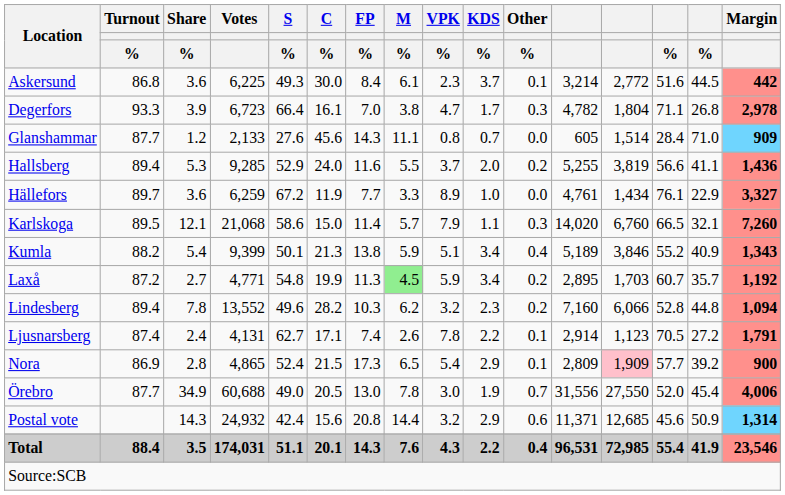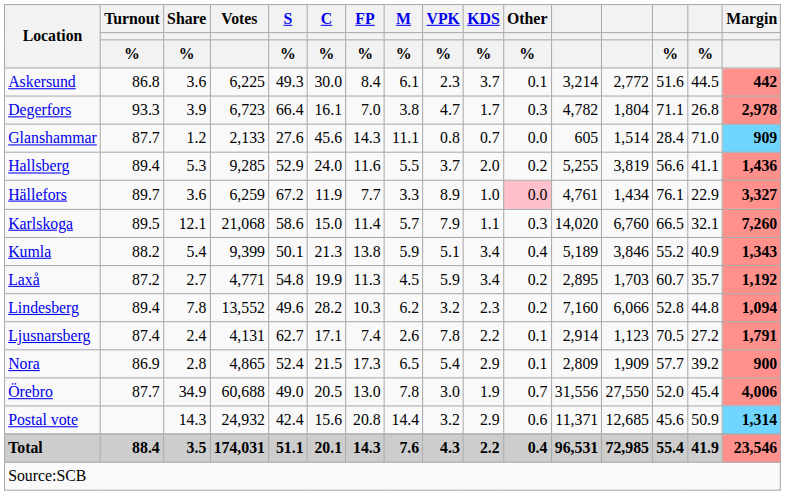 <table class="wikitable sortable" style="text-align:right; font-size:95%; line-height:20px;">
 <tr>
 <th rowspan="3">Location</th>
 <th>Turnout</th>
 <th>Share</th>
 <th>Votes</th>
 <th width="30px" class="unsortable"><a href='#'>S</a></th>
 <th width="30px" class="unsortable"><a href='#'>C</a></th>
 <th width="30px" class="unsortable"><a href='#'>FP</a></th>
 <th width="30px" class="unsortable"><a href='#'>M</a></th>
 <th width="30px" class="unsortable"><a href='#'>VPK</a></th>
 <th width="30px" class="unsortable"><a href='#'>KDS</a></th>
 <th width="30px" class="unsortable">Other</th>
 <th></th>
 <th></th>
 <th></th>
 <th></th>
 <th>Margin</th>
 </tr>
 <tr>
 <th></th>
 <th></th>
 <th></th>
 <th style="background:"></th>
 <th style="background:"></th>
 <th style="background:"></th>
 <th style="background:"></th>
 <th style="background:"></th>
 <th style="background:"></th>
 <th style="background:"></th>
 <th style="background:"></th>
 <th style="background:"></th>
 <th style="background:"></th>
 <th style="background:"></th>
 <th></th>
 </tr>
 <tr>
 <th data-sort-type="number">%</th>
 <th data-sort-type="number">%</th>
 <th></th>
 <th data-sort-type="number">%</th>
 <th data-sort-type="number">%</th>
 <th data-sort-type="number">%</th>
 <th data-sort-type="number">%</th>
 <th data-sort-type="number">%</th>
 <th data-sort-type="number">%</th>
 <th data-sort-type="number">%</th>
 <th data-sort-type="number"></th>
 <th data-sort-type="number"></th>
 <th data-sort-type="number">%</th>
 <th data-sort-type="number">%</th>
 <th data-sort-type="number"></th>
 </tr>
 <tr>
 <td align=left><a href='#'>Askersund</a></td>
 <td>86.8</td>
 <td>3.6</td>
 <td>6,225</td>
 <td>49.3</td>
 <td>30.0</td>
 <td>8.4</td>
 <td>6.1</td>
 <td>2.3</td>
 <td>3.7</td>
 <td>0.1</td>
 <td>3,214</td>
 <td>2,772</td>
 <td>51.6</td>
 <td>44.5</td>
 <td bgcolor=#ff908c><strong>442</strong></td>
 </tr>
 <tr>
 <td align=left><a href='#'>Degerfors</a></td>
 <td>93.3</td>
 <td>3.9</td>
 <td>6,723</td>
 <td>66.4</td>
 <td>16.1</td>
 <td>7.0</td>
 <td>3.8</td>
 <td>4.7</td>
 <td>1.7</td>
 <td>0.3</td>
 <td>4,782</td>
 <td>1,804</td>
 <td>71.1</td>
 <td>26.8</td>
 <td bgcolor=#ff908c><strong>2,978</strong></td>
 </tr>
 <tr>
 <td align=left><a href='#'>Glanshammar</a></td>
 <td>87.7</td>
 <td>1.2</td>
 <td>2,133</td>
 <td>27.6</td>
 <td>45.6</td>
 <td>14.3</td>
 <td>11.1</td>
 <td>0.8</td>
 <td>0.7</td>
 <td>0.0</td>
 <td>605</td>
 <td>1,514</td>
 <td>28.4</td>
 <td>71.0</td>
 <td bgcolor=#6fd5fe><strong>909</strong></td>
 </tr>
 <tr>
 <td align=left><a href='#'>Hallsberg</a></td>
 <td>89.4</td>
 <td>5.3</td>
 <td>9,285</td>
 <td>52.9</td>
 <td>24.0</td>
 <td>11.6</td>
 <td>5.5</td>
 <td>3.7</td>
 <td>2.0</td>
 <td>0.2</td>
 <td>5,255</td>
 <td>3,819</td>
 <td>56.6</td>
 <td>41.1</td>
 <td bgcolor=#ff908c><strong>1,436</strong></td>
 </tr>
 <tr>
 <td align=left><a href='#'>Hällefors</a></td>
 <td>89.7</td>
 <td>3.6</td>
 <td>6,259</td>
 <td>67.2</td>
 <td>11.9</td>
 <td>7.7</td>
 <td>3.3</td>
 <td>8.9</td>
 <td>1.0</td>
-<td>0.0</td>
+<td style="background: pink;">0.0</td>
 <td>4,761</td>
 <td>1,434</td>
 <td>76.1</td>
 <td>22.9</td>
 <td bgcolor=#ff908c><strong>3,327</strong></td>
 </tr>
 <tr>
 <td align=left><a href='#'>Karlskoga</a></td>
 <td>89.5</td>
 <td>12.1</td>
 <td>21,068</td>
 <td>58.6</td>
 <td>15.0</td>
 <td>11.4</td>
 <td>5.7</td>
 <td>7.9</td>
 <td>1.1</td>
 <td>0.3</td>
 <td>14,020</td>
 <td>6,760</td>
 <td>66.5</td>
 <td>32.1</td>
 <td bgcolor=#ff908c><strong>7,260</strong></td>
 </tr>
 <tr>
 <td align=left><a href='#'>Kumla</a></td>
 <td>88.2</td>
 <td>5.4</td>
 <td>9,399</td>
 <td>50.1</td>
 <td>21.3</td>
 <td>13.8</td>
 <td>5.9</td>
 <td>5.1</td>
 <td>3.4</td>
 <td>0.4</td>
 <td>5,189</td>
 <td>3,846</td>
 <td>55.2</td>
 <td>40.9</td>
 <td bgcolor=#ff908c><strong>1,343</strong></td>
 </tr>
 <tr>
 <td align=left><a href='#'>Laxå</a></td>
 <td>87.2</td>
 <td>2.7</td>
 <td>4,771</td>
 <td>54.8</td>
 <td>19.9</td>
 <td>11.3</td>
-<td style="background: lightgreen;">4.5</td>
+<td>4.5</td>
 <td>5.9</td>
 <td>3.4</td>
 <td>0.2</td>
 <td>2,895</td>
 <td>1,703</td>
 <td>60.7</td>
 <td>35.7</td>
 <td bgcolor=#ff908c><strong>1,192</strong></td>
 </tr>
 <tr>
 <td align=left><a href='#'>Lindesberg</a></td>
 <td>89.4</td>
 <td>7.8</td>
 <td>13,552</td>
 <td>49.6</td>
 <td>28.2</td>
 <td>10.3</td>
 <td>6.2</td>
 <td>3.2</td>
 <td>2.3</td>
 <td>0.2</td>
 <td>7,160</td>
 <td>6,066</td>
 <td>52.8</td>
 <td>44.8</td>
 <td bgcolor=#ff908c><strong>1,094</strong></td>
 </tr>
 <tr>
 <td align=left><a href='#'>Ljusnarsberg</a></td>
 <td>87.4</td>
 <td>2.4</td>
 <td>4,131</td>
 <td>62.7</td>
 <td>17.1</td>
 <td>7.4</td>
 <td>2.6</td>
 <td>7.8</td>
 <td>2.2</td>
 <td>0.1</td>
 <td>2,914</td>
 <td>1,123</td>
 <td>70.5</td>
 <td>27.2</td>
 <td bgcolor=#ff908c><strong>1,791</strong></td>
 </tr>
 <tr>
 <td align=left><a href='#'>Nora</a></td>
 <td>86.9</td>
 <td>2.8</td>
 <td>4,865</td>
 <td>52.4</td>
 <td>21.5</td>
 <td>17.3</td>
 <td>6.5</td>
 <td>5.4</td>
 <td>2.9</td>
 <td>0.1</td>
 <td>2,809</td>
-<td style="background: pink;">1,909</td>
+<td>1,909</td>
 <td>57.7</td>
 <td>39.2</td>
 <td bgcolor=#ff908c><strong>900</strong></td>
 </tr>
 <tr>
 <td align=left><a href='#'>Örebro</a></td>
 <td>87.7</td>
 <td>34.9</td>
 <td>60,688</td>
 <td>49.0</td>
 <td>20.5</td>
 <td>13.0</td>
 <td>7.8</td>
 <td>3.0</td>
 <td>1.9</td>
 <td>0.7</td>
 <td>31,556</td>
 <td>27,550</td>
 <td>52.0</td>
 <td>45.4</td>
 <td bgcolor=#ff908c><strong>4,006</strong></td>
 </tr>
 <tr>
 <td align=left><a href='#'>Postal vote</a></td>
 <td></td>
 <td>14.3</td>
 <td>24,932</td>
 <td>42.4</td>
 <td>15.6</td>
 <td>20.8</td>
 <td>14.4</td>
 <td>3.2</td>
 <td>2.9</td>
 <td>0.6</td>
 <td>11,371</td>
 <td>12,685</td>
 <td>45.6</td>
 <td>50.9</td>
 <td bgcolor=#6fd5fe><strong>1,314</strong></td>
 </tr>
 <tr>
 </tr>
 <tr style="background:#CDCDCD;">
 <td align=left><strong>Total</strong></td>
 <td><strong>88.4</strong></td>
 <td><strong>3.5</strong></td>
 <td><strong>174,031</strong></td>
 <td><strong>51.1</strong></td>
 <td><strong>20.1</strong></td>
 <td><strong>14.3</strong></td>
 <td><strong>7.6</strong></td>
 <td><strong>4.3</strong></td>
 <td><strong>2.2</strong></td>
 <td><strong>0.4</strong></td>
 <td><strong>96,531</strong></td>
 <td><strong>72,985</strong></td>
 <td><strong>55.4</strong></td>
 <td><strong>41.9</strong></td>
 <td bgcolor=#ff908c><strong>23,546</strong></td>
 </tr>
 <tr>
 <td align=left colspan=16>Source:SCB </td>
 </tr>
 </table>
